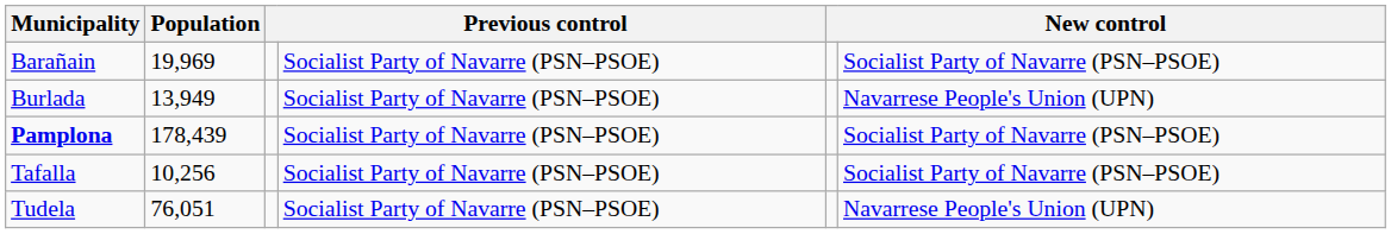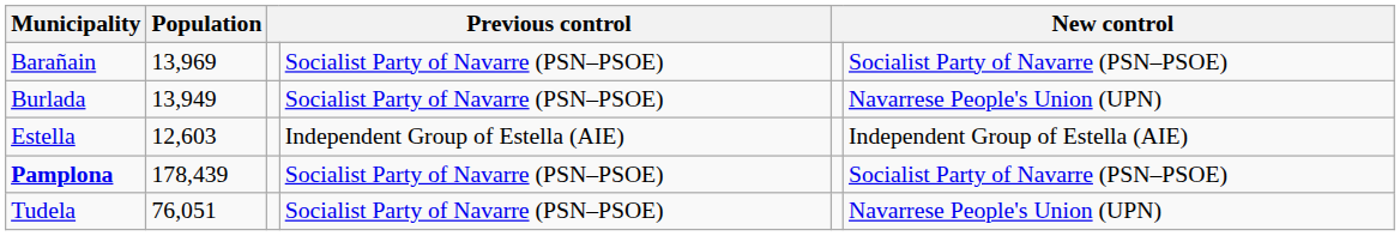 <table class="wikitable sortable">
 <tr>
 <th>Municipality</th>
 <th>Population</th>
 <th colspan="2" style="width:375px;">Previous control</th>
 <th colspan="2" style="width:375px;">New control</th>
 </tr>
 <tr>
 <td><a href='#'>Barañain</a></td>
-<td>19,969</td>
+<td>13,969</td>
 <td width="1" style="color:inherit;background:"></td>
 <td><a href='#'>Socialist Party of Navarre</a> (PSN–PSOE)</td>
 <td width="1" style="color:inherit;background:"></td>
 <td><a href='#'>Socialist Party of Navarre</a> (PSN–PSOE)</td>
 </tr>
 <tr>
 <td><a href='#'>Burlada</a></td>
 <td>13,949</td>
 <td style="color:inherit;background:"></td>
 <td><a href='#'>Socialist Party of Navarre</a> (PSN–PSOE)</td>
 <td style="color:inherit;background:"></td>
 <td><a href='#'>Navarrese People's Union</a> (UPN)</td>
 </tr>
 <tr>
+<td><a href='#'>Estella</a></td>
+<td>12,603</td>
+<td style="color:inherit;background:"></td>
+<td>Independent Group of Estella (AIE)</td>
+<td style="color:inherit;background:"></td>
+<td>Independent Group of Estella (AIE)</td>
+</tr>
+<tr>
 <td><strong><a href='#'>Pamplona</a></strong></td>
 <td>178,439</td>
-<td style="color:inherit;background:"></td>
-<td><a href='#'>Socialist Party of Navarre</a> (PSN–PSOE)</td>
-<td style="color:inherit;background:"></td>
-<td><a href='#'>Socialist Party of Navarre</a> (PSN–PSOE)</td>
-</tr>
-<tr>
-<td><a href='#'>Tafalla</a></td>
-<td>10,256</td>
 <td style="color:inherit;background:"></td>
 <td><a href='#'>Socialist Party of Navarre</a> (PSN–PSOE)</td>
 <td style="color:inherit;background:"></td>
 <td><a href='#'>Socialist Party of Navarre</a> (PSN–PSOE)</td>
 </tr>
 <tr>
 <td><a href='#'>Tudela</a></td>
 <td>76,051</td>
 <td style="color:inherit;background:"></td>
 <td><a href='#'>Socialist Party of Navarre</a> (PSN–PSOE)</td>
 <td style="color:inherit;background:"></td>
 <td><a href='#'>Navarrese People's Union</a> (UPN)</td>
 </tr>
 </table>
